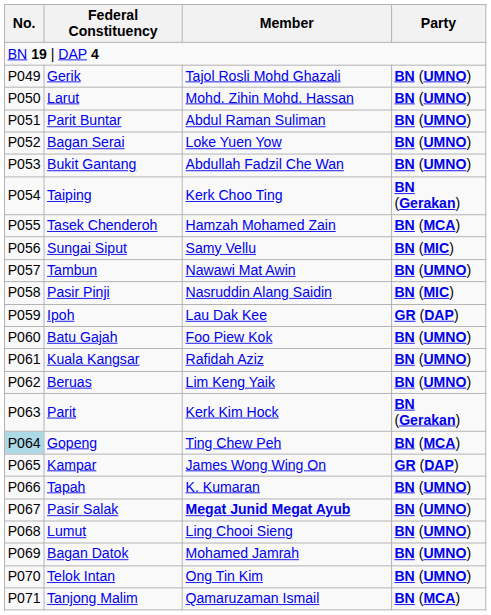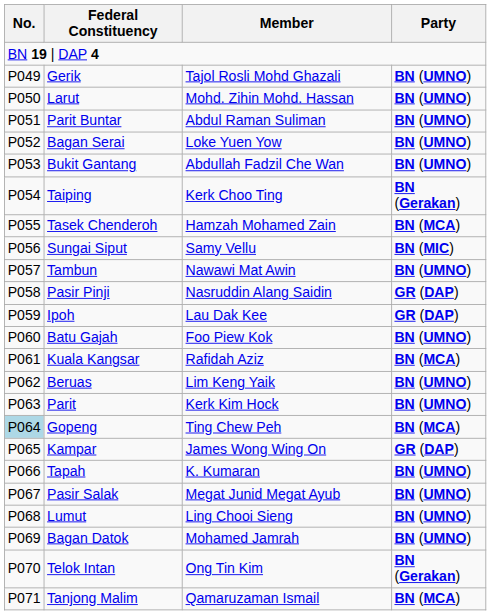 <table class="wikitable sortable">
 <tr>
 <th style="width:30px;">No.</th>
 <th style="width:150px;">Federal Constituency</th>
 <th style="width:230px;">Member</th>
 <th style="width:100px;">Party</th>
 </tr>
 <tr>
 <td colspan="4"><a href='#'>BN</a> <strong>19</strong> | <a href='#'>DAP</a> <strong>4</strong></td>
 </tr>
 <tr>
 <td>P049</td>
 <td><a href='#'>Gerik</a></td>
 <td><a href='#'>Tajol Rosli Mohd Ghazali</a></td>
 <td><strong><a href='#'>BN</a></strong> (<strong><a href='#'>UMNO</a></strong>)</td>
 </tr>
 <tr>
 <td>P050</td>
 <td><a href='#'>Larut</a></td>
 <td><a href='#'>Mohd. Zihin Mohd. Hassan</a></td>
 <td><strong><a href='#'>BN</a></strong> (<strong><a href='#'>UMNO</a></strong>)</td>
 </tr>
 <tr>
 <td>P051</td>
 <td><a href='#'>Parit Buntar</a></td>
 <td><a href='#'>Abdul Raman Suliman</a></td>
 <td><strong><a href='#'>BN</a></strong> (<strong><a href='#'>UMNO</a></strong>)</td>
 </tr>
 <tr>
 <td>P052</td>
 <td><a href='#'>Bagan Serai</a></td>
 <td><a href='#'>Loke Yuen Yow</a></td>
 <td><strong><a href='#'>BN</a></strong> (<strong><a href='#'>UMNO</a></strong>)</td>
 </tr>
 <tr>
 <td>P053</td>
 <td><a href='#'>Bukit Gantang</a></td>
 <td><a href='#'>Abdullah Fadzil Che Wan</a></td>
 <td><strong><a href='#'>BN</a></strong> (<strong><a href='#'>UMNO</a></strong>)</td>
 </tr>
 <tr>
 <td>P054</td>
 <td><a href='#'>Taiping</a></td>
 <td><a href='#'>Kerk Choo Ting</a></td>
 <td><strong><a href='#'>BN</a></strong> (<strong><a href='#'>Gerakan</a></strong>)</td>
 </tr>
 <tr>
 <td>P055</td>
 <td><a href='#'>Tasek Chenderoh</a></td>
 <td><a href='#'>Hamzah Mohamed Zain</a></td>
 <td><strong><a href='#'>BN</a></strong> (<strong><a href='#'>MCA</a></strong>)</td>
 </tr>
 <tr>
 <td>P056</td>
 <td><a href='#'>Sungai Siput</a></td>
 <td><a href='#'>Samy Vellu</a></td>
 <td><strong><a href='#'>BN</a></strong> (<strong><a href='#'>MIC</a></strong>)</td>
 </tr>
 <tr>
 <td>P057</td>
 <td><a href='#'>Tambun</a></td>
 <td><a href='#'>Nawawi Mat Awin</a></td>
 <td><strong><a href='#'>BN</a></strong> (<strong><a href='#'>UMNO</a></strong>)</td>
 </tr>
 <tr>
 <td>P058</td>
 <td><a href='#'>Pasir Pinji</a></td>
 <td><a href='#'>Nasruddin Alang Saidin</a></td>
-<td><strong><a href='#'>BN</a></strong> (<strong><a href='#'>MIC</a></strong>)</td>
+<td><strong><a href='#'>GR</a></strong> (<strong><a href='#'>DAP</a></strong>)</td>
 </tr>
 <tr>
 <td>P059</td>
 <td><a href='#'>Ipoh</a></td>
 <td><a href='#'>Lau Dak Kee</a></td>
 <td><strong><a href='#'>GR</a></strong> (<strong><a href='#'>DAP</a></strong>)</td>
 </tr>
 <tr>
 <td>P060</td>
 <td><a href='#'>Batu Gajah</a></td>
 <td><a href='#'>Foo Piew Kok</a></td>
 <td><strong><a href='#'>BN</a></strong> (<strong><a href='#'>UMNO</a></strong>)</td>
 </tr>
 <tr>
 <td>P061</td>
 <td><a href='#'>Kuala Kangsar</a></td>
 <td><a href='#'>Rafidah Aziz</a></td>
-<td><strong><a href='#'>BN</a></strong> (<strong><a href='#'>UMNO</a></strong>)</td>
+<td><strong><a href='#'>BN</a></strong> (<strong><a href='#'>MCA</a></strong>)</td>
 </tr>
 <tr>
 <td>P062</td>
 <td><a href='#'>Beruas</a></td>
 <td><a href='#'>Lim Keng Yaik</a></td>
 <td><strong><a href='#'>BN</a></strong> (<strong><a href='#'>UMNO</a></strong>)</td>
 </tr>
 <tr>
 <td>P063</td>
 <td><a href='#'>Parit</a></td>
 <td><a href='#'>Kerk Kim Hock</a></td>
-<td><strong><a href='#'>BN</a></strong> (<strong><a href='#'>Gerakan</a></strong>)</td>
+<td><strong><a href='#'>BN</a></strong> (<strong><a href='#'>UMNO</a></strong>)</td>
 </tr>
 <tr>
 <td style="background: lightblue;">P064</td>
 <td><a href='#'>Gopeng</a></td>
 <td><a href='#'>Ting Chew Peh</a></td>
 <td><strong><a href='#'>BN</a></strong> (<strong><a href='#'>MCA</a></strong>)</td>
 </tr>
 <tr>
 <td>P065</td>
 <td><a href='#'>Kampar</a></td>
 <td><a href='#'>James Wong Wing On</a></td>
 <td><strong><a href='#'>GR</a></strong> (<strong><a href='#'>DAP</a></strong>)</td>
 </tr>
 <tr>
 <td>P066</td>
 <td><a href='#'>Tapah</a></td>
 <td><a href='#'>K. Kumaran</a></td>
 <td><strong><a href='#'>BN</a></strong> (<strong><a href='#'>UMNO</a></strong>)</td>
 </tr>
 <tr>
 <td>P067</td>
 <td><a href='#'>Pasir Salak</a></td>
-<td><strong><a href='#'>Megat Junid Megat Ayub</a></strong></td>
+<td><a href='#'>Megat Junid Megat Ayub</a></td>
 <td><strong><a href='#'>BN</a></strong> (<strong><a href='#'>UMNO</a></strong>)</td>
 </tr>
 <tr>
 <td>P068</td>
 <td><a href='#'>Lumut</a></td>
 <td><a href='#'>Ling Chooi Sieng</a></td>
 <td><strong><a href='#'>BN</a></strong> (<strong><a href='#'>UMNO</a></strong>)</td>
 </tr>
 <tr>
 <td>P069</td>
 <td><a href='#'>Bagan Datok</a></td>
 <td><a href='#'>Mohamed Jamrah</a></td>
 <td><strong><a href='#'>BN</a></strong> (<strong><a href='#'>UMNO</a></strong>)</td>
 </tr>
 <tr>
 <td>P070</td>
 <td><a href='#'>Telok Intan</a></td>
 <td><a href='#'>Ong Tin Kim</a></td>
-<td><strong><a href='#'>BN</a></strong> (<strong><a href='#'>UMNO</a></strong>)</td>
+<td><strong><a href='#'>BN</a></strong> (<strong><a href='#'>Gerakan</a></strong>)</td>
 </tr>
 <tr>
 <td>P071</td>
 <td><a href='#'>Tanjong Malim</a></td>
 <td><a href='#'>Qamaruzaman Ismail</a></td>
 <td><strong><a href='#'>BN</a></strong> (<strong><a href='#'>MCA</a></strong>)</td>
 </tr>
 </table>
